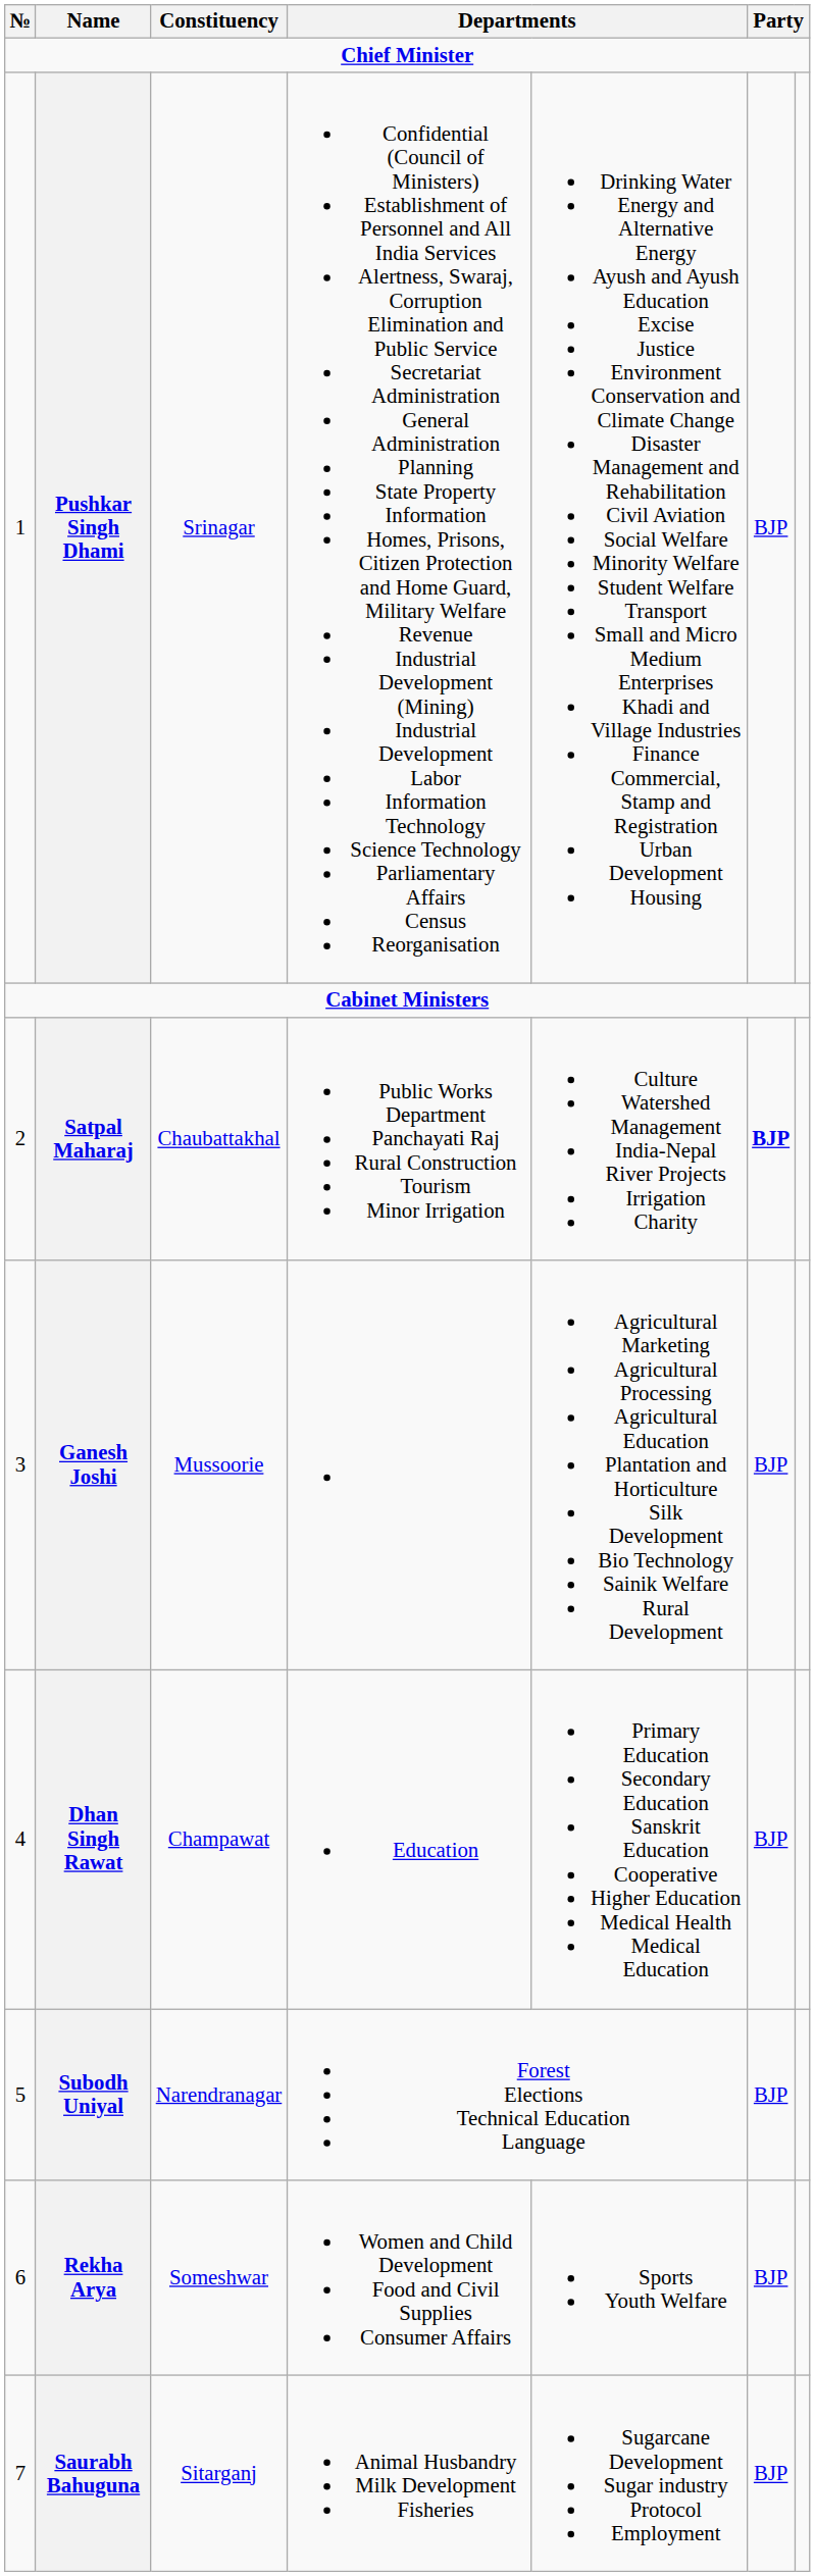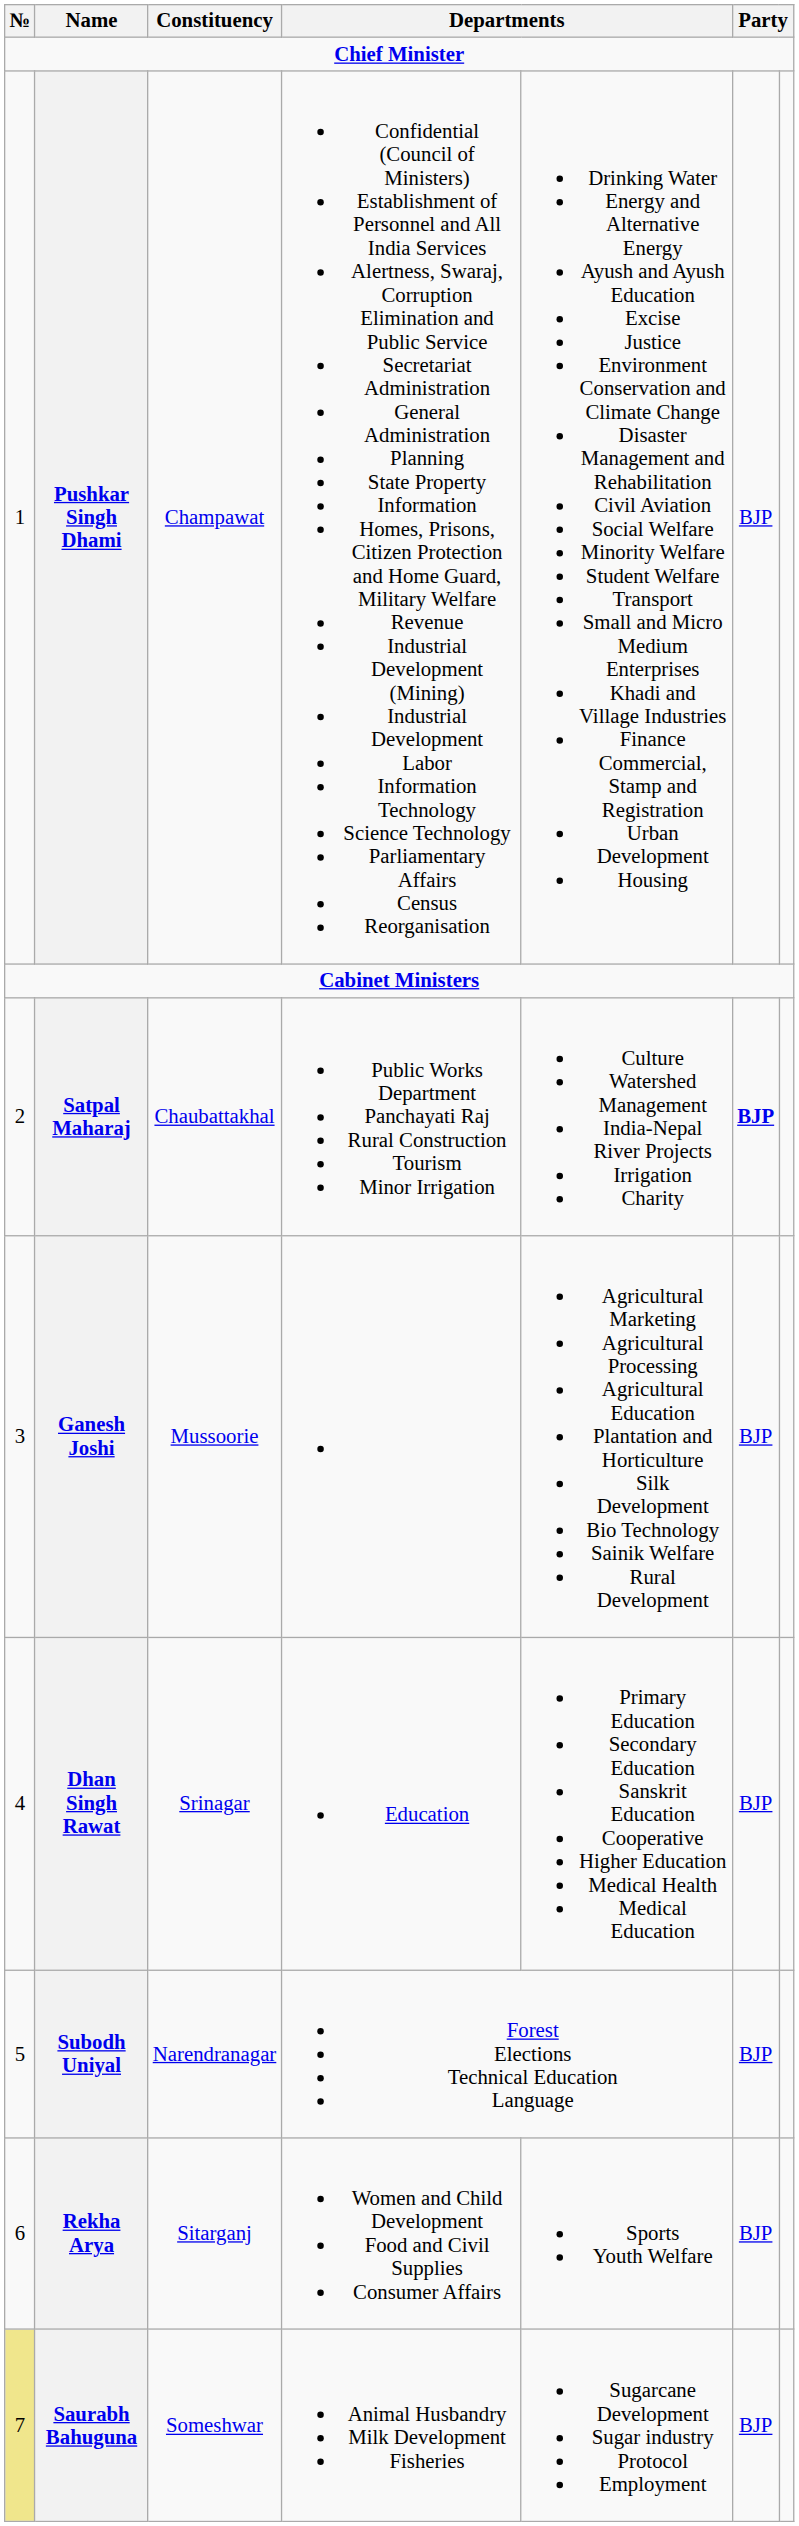 <table class="wikitable sortable">
 <tr>
 <th>№</th>
 <th>Name</th>
 <th>Constituency</th>
 <th colspan=2>Departments</th>
 <th colspan="2"; scope="col">Party</th>
 </tr>
 <tr style="text-align:center">
 <td colspan="7"><strong><a href='#'>Chief Minister</a></strong></td>
 </tr>
 <tr style="text-align:center">
 <td>1</td>
 <th><a href='#'>Pushkar Singh Dhami</a></th>
-<td><a href='#'>Srinagar</a></td>
+<td><a href='#'>Champawat</a></td>
 <td><br><ul><li>Confidential (Council of Ministers)</li><li>Establishment of Personnel and All India Services</li><li>Alertness, Swaraj, Corruption Elimination  and Public Service</li><li>Secretariat Administration</li><li>General Administration</li><li>Planning</li><li>State Property</li><li>Information</li><li>Homes, Prisons, Citizen Protection and Home Guard, Military Welfare</li><li>Revenue</li><li>Industrial Development (Mining)</li><li>Industrial Development</li><li>Labor</li><li>Information Technology</li><li>Science Technology</li><li>Parliamentary Affairs</li><li>Census</li><li>Reorganisation</li></ul></td>
 <td><br><ul><li>Drinking Water</li><li>Energy and Alternative Energy</li><li>Ayush and Ayush Education</li><li>Excise</li><li>Justice</li><li>Environment Conservation and Climate Change</li><li>Disaster Management and Rehabilitation</li><li>Civil Aviation</li><li>Social Welfare</li><li>Minority Welfare</li><li>Student Welfare</li><li>Transport</li><li>Small and Micro Medium Enterprises</li><li>Khadi and Village Industries</li><li>Finance Commercial, Stamp and Registration</li><li>Urban Development</li><li>Housing</li></ul></td>
 <td><a href='#'>BJP</a></td>
 <td width="4px" style="background-color: "></td>
 </tr>
 <tr style="text-align:center">
 <td colspan="7"><strong><a href='#'>Cabinet Ministers</a></strong></td>
 </tr>
 <tr style="text-align:center">
 <td>2</td>
 <th><a href='#'>Satpal Maharaj</a></th>
 <td><a href='#'>Chaubattakhal</a></td>
 <td><br><ul><li>Public Works Department</li><li>Panchayati Raj</li><li>Rural Construction</li><li>Tourism</li><li>Minor Irrigation</li></ul></td>
 <td><br><ul><li>Culture</li><li>Watershed Management</li><li>India-Nepal River Projects</li><li>Irrigation</li><li>Charity</li></ul></td>
 <td><strong><a href='#'>BJP</a></strong></td>
 <td width="4px" style="background-color: "></td>
 </tr>
 <tr style="text-align:center">
 <td>3</td>
 <th><a href='#'>Ganesh Joshi</a></th>
 <td><a href='#'>Mussoorie</a></td>
 <td><br><ul><li></li></ul></td>
 <td><br><ul><li>Agricultural Marketing</li><li>Agricultural Processing</li><li>Agricultural Education</li><li>Plantation and Horticulture</li><li>Silk Development</li><li>Bio Technology</li><li>Sainik Welfare</li><li>Rural Development</li></ul></td>
 <td><a href='#'>BJP</a></td>
 <td width="4px" style="background-color: "></td>
 </tr>
 <tr style="text-align:center">
 <td>4</td>
 <th><a href='#'>Dhan Singh Rawat</a></th>
-<td><a href='#'>Champawat</a></td>
+<td><a href='#'>Srinagar</a></td>
 <td><br><ul><li><a href='#'>Education</a></li></ul></td>
 <td><br><ul><li>Primary Education</li><li>Secondary Education</li><li>Sanskrit Education</li><li>Cooperative</li><li>Higher Education</li><li>Medical Health </li><li>Medical Education</li></ul></td>
 <td><a href='#'>BJP</a></td>
 <td width="4px" style="background-color: "></td>
 </tr>
 <tr style="text-align:center">
 <td>5</td>
 <th><a href='#'>Subodh Uniyal</a></th>
 <td><a href='#'>Narendranagar</a></td>
 <td colspan="2"><br><ul><li><a href='#'>Forest</a></li><li>Elections</li><li>Technical Education</li><li>Language</li></ul></td>
 <td><a href='#'>BJP</a></td>
 <td width="4px" style="background-color: "></td>
 </tr>
 <tr style="text-align:center">
 <td>6</td>
 <th><a href='#'>Rekha Arya</a></th>
-<td><a href='#'>Someshwar</a></td>
+<td><a href='#'>Sitarganj</a></td>
 <td><br><ul><li>Women and Child Development</li><li>Food and Civil Supplies </li><li>Consumer Affairs</li></ul></td>
 <td><br><ul><li>Sports</li><li>Youth Welfare</li></ul></td>
 <td><a href='#'>BJP</a></td>
 <td width="4px" style="background-color: "></td>
 </tr>
 <tr style="text-align:center">
-<td>7</td>
+<td style="background: khaki;">7</td>
 <th><a href='#'>Saurabh Bahuguna</a></th>
-<td><a href='#'>Sitarganj</a></td>
+<td><a href='#'>Someshwar</a></td>
 <td><br><ul><li>Animal Husbandry</li><li>Milk Development</li><li>Fisheries</li></ul></td>
 <td><br><ul><li>Sugarcane Development</li><li>Sugar industry</li><li>Protocol</li><li>Employment</li></ul></td>
 <td><a href='#'>BJP</a></td>
 <td width="4px" style="background-color: "></td>
 </tr>
 </table>
